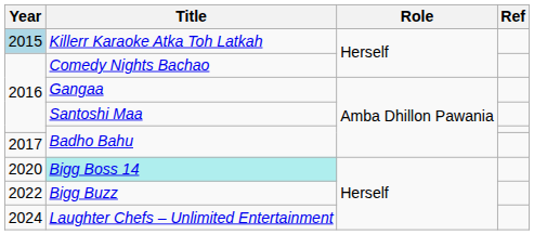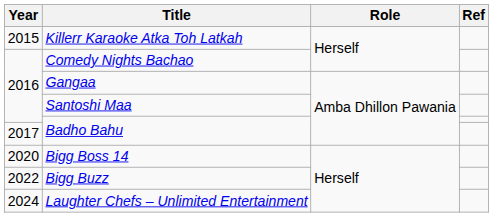 <table class="wikitable sortable">
 <tr>
 <th>Year</th>
 <th>Title</th>
 <th>Role</th>
 <th>Ref</th>
 </tr>
 <tr>
-<td style="background: lightblue;">2015</td>
+<td>2015</td>
 <td><em><a href='#'>Killerr Karaoke Atka Toh Latkah</a></em></td>
 <td rowspan="2">Herself</td>
 <td></td>
 </tr>
 <tr>
 <td rowspan="4">2016</td>
 <td><em><a href='#'>Comedy Nights Bachao</a></em></td>
 <td></td>
 </tr>
 <tr>
 <td><em><a href='#'>Gangaa</a></em></td>
 <td rowspan="4">Amba Dhillon Pawania</td>
 <td></td>
 </tr>
 <tr>
 <td><em><a href='#'>Santoshi Maa</a></em></td>
 <td></td>
 </tr>
 <tr>
 <td rowspan="2"><em><a href='#'>Badho Bahu</a></em></td>
 <td></td>
 </tr>
 <tr>
 <td>2017</td>
 <td></td>
 </tr>
 <tr>
 <td>2020</td>
-<td style="background: paleturquoise;"><em><a href='#'>Bigg Boss 14</a></em></td>
+<td><em><a href='#'>Bigg Boss 14</a></em></td>
 <td rowspan="3">Herself</td>
 <td></td>
 </tr>
 <tr>
 <td>2022</td>
 <td><em><a href='#'>Bigg Buzz</a></em></td>
 <td></td>
 </tr>
 <tr>
 <td>2024</td>
 <td><em><a href='#'>Laughter Chefs – Unlimited Entertainment</a></em></td>
 <td></td>
 </tr>
 </table>
